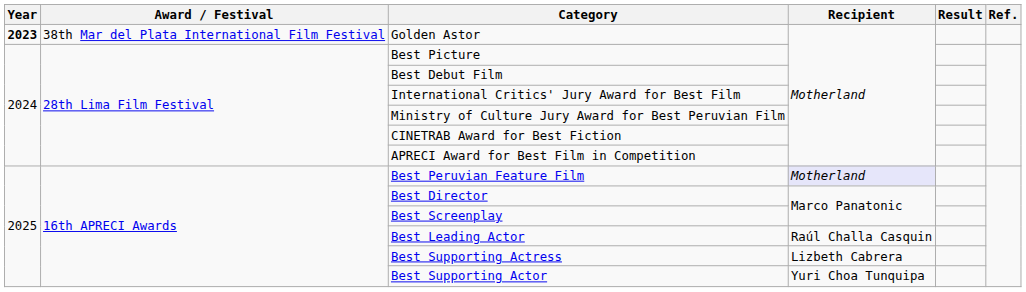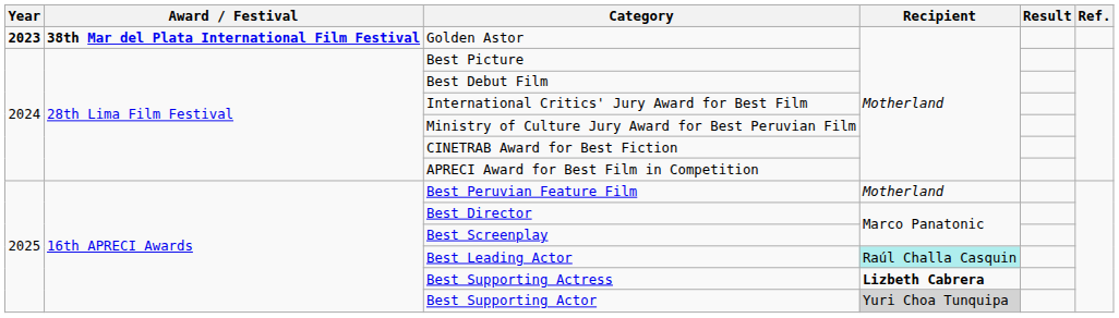 <table class="wikitable">
 <tr>
 <th>Year</th>
 <th>Award / Festival</th>
 <th>Category</th>
 <th>Recipient</th>
 <th>Result</th>
 <th>Ref.</th>
 </tr>
 <tr>
 <td><strong>2023</strong></td>
-<td>38th <a href='#'>Mar del Plata International Film Festival</a></td>
+<td><strong>38th <a href='#'>Mar del Plata International Film Festival</a></strong></td>
 <td>Golden Astor</td>
 <td rowspan="7"><em>Motherland</em></td>
 <td></td>
 <td></td>
 </tr>
 <tr>
 <td rowspan="6">2024</td>
 <td rowspan="6"><a href='#'>28th Lima Film Festival</a></td>
 <td>Best Picture</td>
 <td></td>
 <td rowspan="6"></td>
 </tr>
 <tr>
 <td>Best Debut Film</td>
 <td></td>
 </tr>
 <tr>
 <td>International Critics' Jury Award for Best Film</td>
 <td></td>
 </tr>
 <tr>
 <td>Ministry of Culture Jury Award for Best Peruvian Film</td>
 <td></td>
 </tr>
 <tr>
 <td>CINETRAB Award for Best Fiction</td>
 <td></td>
 </tr>
 <tr>
 <td>APRECI Award for Best Film in Competition</td>
 <td></td>
 </tr>
 <tr>
 <td rowspan="6">2025</td>
 <td rowspan="6"><a href='#'>16th APRECI Awards</a></td>
 <td><a href='#'>Best Peruvian Feature Film</a></td>
-<td style="background: lavender;"><em>Motherland</em></td>
+<td><em>Motherland</em></td>
 <td></td>
 <td rowspan="6"></td>
 </tr>
 <tr>
 <td><a href='#'>Best Director</a></td>
 <td rowspan="2">Marco Panatonic</td>
 <td></td>
 </tr>
 <tr>
 <td><a href='#'>Best Screenplay</a></td>
 <td></td>
 </tr>
 <tr>
 <td><a href='#'>Best Leading Actor</a></td>
-<td>Raúl Challa Casquin</td>
+<td style="background: paleturquoise;">Raúl Challa Casquin</td>
 <td></td>
 </tr>
 <tr>
 <td><a href='#'>Best Supporting Actress</a></td>
-<td>Lizbeth Cabrera</td>
+<td><strong>Lizbeth Cabrera</strong></td>
 <td></td>
 </tr>
 <tr>
 <td><a href='#'>Best Supporting Actor</a></td>
-<td>Yuri Choa Tunquipa</td>
+<td style="background: lightgrey;">Yuri Choa Tunquipa</td>
 <td></td>
 </tr>
 </table>
